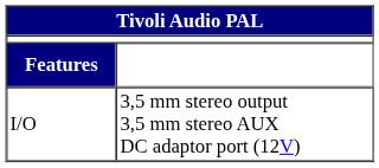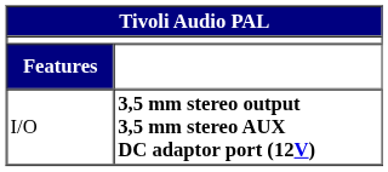 <table border="1" align="right" cellpadding="2" cellspacing="0" width="300">
 <tr>
 <td align="center" colspan="2" style="color: white; background: navy"><strong>Tivoli Audio PAL</strong></td>
 </tr>
 <tr>
 <td align="center" colspan="2"></td>
 </tr>
 <tr>
 <th align ="center" style="color: white; height: 30px; background: navy no-repeat scroll top left;">Features</th>
 <th align ="center" style="color: black; height: 30px; background: white no-repeat scroll top left;"></th>
 </tr>
 <tr>
 <td>I/O</td>
-<td>3,5 mm stereo output<br> 3,5 mm stereo AUX<br> DC adaptor port (12<a href='#'>V</a>)</td>
+<td><strong>3,5 mm stereo output<br> 3,5 mm stereo AUX<br> DC adaptor port (12<a href='#'>V</a>)</strong></td>
 </tr>
 </table>
